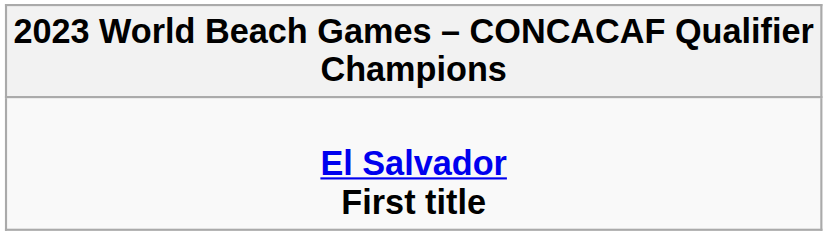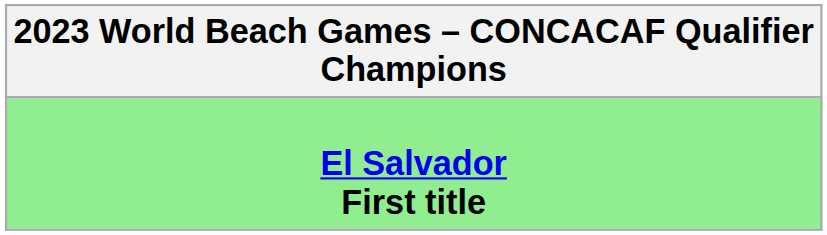 <table class="wikitable" style="margin: 0 auto;">
 <tr>
 <th>2023 World Beach Games – CONCACAF Qualifier<br>Champions</th>
 </tr>
 <tr>
-<td align=center><br><strong><a href='#'>El Salvador</a></strong><br><strong>First title</strong></td>
+<td align=center style="background: lightgreen;"><br><strong><a href='#'>El Salvador</a></strong><br><strong>First title</strong></td>
 </tr>
 </table>
